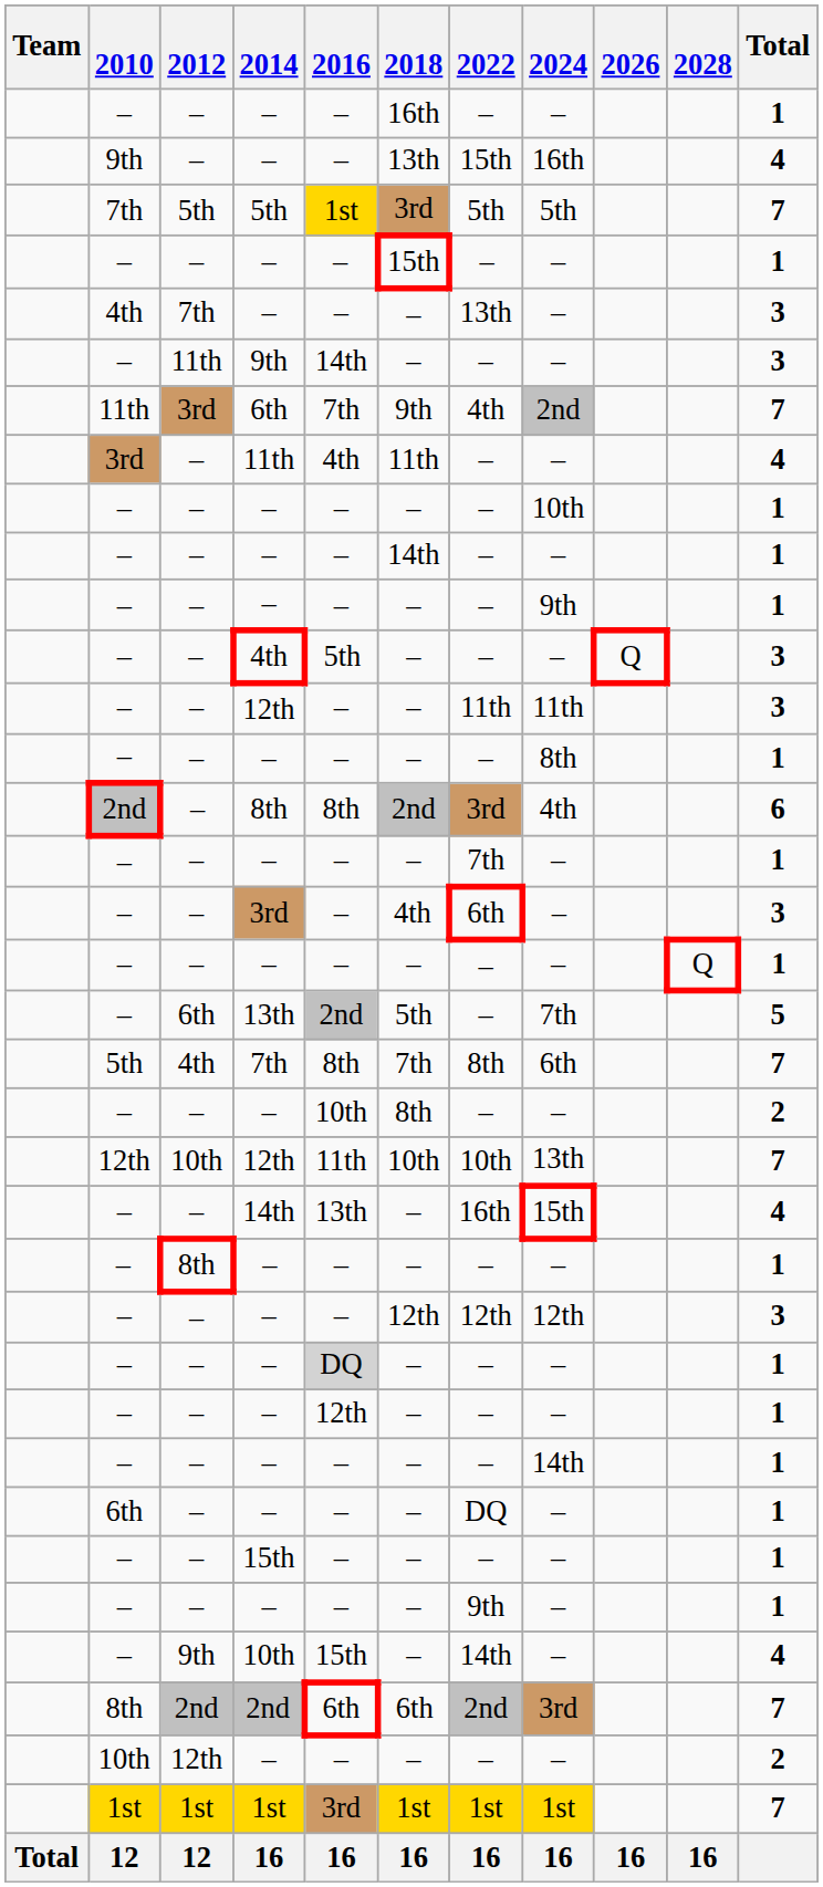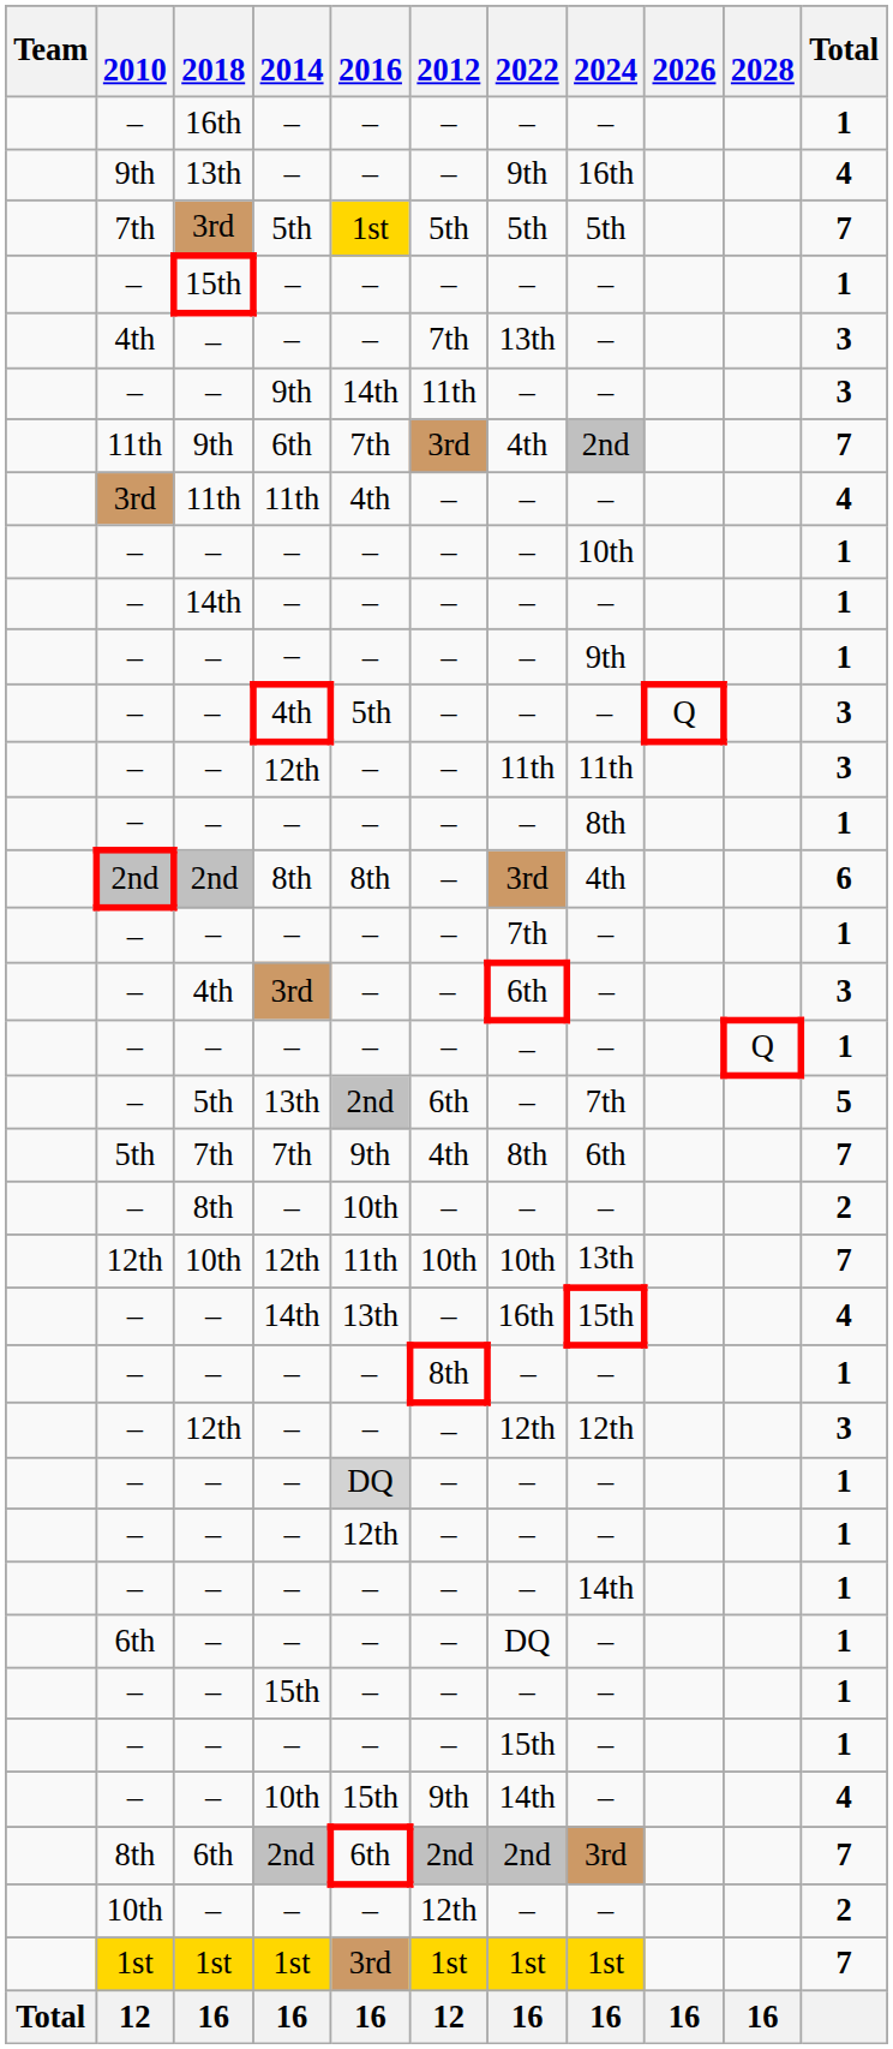 <table class="wikitable" style="text-align:center; font-size:90%">
 <tr>
 <th>Team</th>
 <th><br><a href='#'>2010</a></th>
-<th><br><a href='#'>2012</a></th>
+<th><br><a href='#'>2018</a></th>
 <th><br><a href='#'>2014</a></th>
 <th><br><a href='#'>2016</a></th>
-<th><br><a href='#'>2018</a></th>
+<th><br><a href='#'>2012</a></th>
 <th><br><a href='#'>2022</a></th>
 <th><br><a href='#'>2024</a></th>
 <th><br><a href='#'>2026</a></th>
 <th><br><a href='#'>2028</a></th>
 <th>Total</th>
 </tr>
 <tr>
 <td align=left></td>
 <td>–</td>
+<td>16th</td>
 <td>–</td>
 <td>–</td>
 <td>–</td>
-<td>16th</td>
 <td>–</td>
 <td>–</td>
 <td></td>
 <td></td>
 <td><strong>1</strong></td>
 </tr>
 <tr>
 <td align=left></td>
 <td>9th</td>
+<td>13th</td>
 <td>–</td>
 <td>–</td>
 <td>–</td>
-<td>13th</td>
-<td>15th</td>
+<td>9th</td>
 <td>16th</td>
 <td></td>
 <td></td>
 <td><strong>4</strong></td>
 </tr>
 <tr>
 <td align=left></td>
 <td>7th</td>
-<td>5th</td>
+<td bgcolor=#cc9966>3rd</td>
 <td>5th</td>
 <td bgcolor=gold>1st</td>
-<td bgcolor=#cc9966>3rd</td>
+<td>5th</td>
 <td>5th</td>
 <td>5th</td>
 <td></td>
 <td></td>
 <td><strong>7</strong></td>
 </tr>
 <tr>
 <td align=left></td>
 <td>–</td>
+<td style="border: 3px solid red">15th</td>
 <td>–</td>
 <td>–</td>
 <td>–</td>
-<td style="border: 3px solid red">15th</td>
 <td>–</td>
 <td>–</td>
 <td></td>
 <td></td>
 <td><strong>1</strong></td>
 </tr>
 <tr>
 <td align=left></td>
 <td>4th</td>
-<td>7th</td>
 <td>–</td>
 <td>–</td>
 <td>–</td>
+<td>7th</td>
 <td>13th</td>
 <td>–</td>
 <td></td>
 <td></td>
 <td><strong>3</strong></td>
 </tr>
 <tr>
 <td align=left></td>
 <td>–</td>
-<td>11th</td>
+<td>–</td>
 <td>9th</td>
 <td>14th</td>
-<td>–</td>
+<td>11th</td>
 <td>–</td>
 <td>–</td>
 <td></td>
 <td></td>
 <td><strong>3</strong></td>
 </tr>
 <tr>
 <td align=left></td>
 <td>11th</td>
-<td bgcolor=#cc9966>3rd</td>
+<td>9th</td>
 <td>6th</td>
 <td>7th</td>
-<td>9th</td>
+<td bgcolor=#cc9966>3rd</td>
 <td>4th</td>
 <td bgcolor=silver>2nd</td>
 <td></td>
 <td></td>
 <td><strong>7</strong></td>
 </tr>
 <tr>
 <td align=left></td>
 <td bgcolor=#cc9966>3rd</td>
-<td>–</td>
+<td>11th</td>
 <td>11th</td>
 <td>4th</td>
-<td>11th</td>
+<td>–</td>
 <td>–</td>
 <td>–</td>
 <td></td>
 <td></td>
 <td><strong>4</strong></td>
 </tr>
 <tr>
 <td align=left></td>
 <td>–</td>
 <td>–</td>
 <td>–</td>
 <td>–</td>
 <td>–</td>
 <td>–</td>
 <td>10th</td>
 <td></td>
 <td></td>
 <td><strong>1</strong></td>
 </tr>
 <tr>
 <td align=left></td>
 <td>–</td>
+<td>14th</td>
 <td>–</td>
 <td>–</td>
 <td>–</td>
-<td>14th</td>
 <td>–</td>
 <td>–</td>
 <td></td>
 <td></td>
 <td><strong>1</strong></td>
 </tr>
 <tr>
 <td align=left></td>
 <td>–</td>
 <td>–</td>
 <td>–</td>
 <td>–</td>
 <td>–</td>
 <td>–</td>
 <td>9th</td>
 <td></td>
 <td></td>
 <td><strong>1</strong></td>
 </tr>
 <tr>
 <td align=left></td>
 <td>–</td>
 <td>–</td>
 <td style="border: 3px solid red">4th</td>
 <td>5th</td>
 <td>–</td>
 <td>–</td>
 <td>–</td>
 <td style="border: 3px solid red">Q</td>
 <td></td>
 <td><strong>3</strong></td>
 </tr>
 <tr>
 <td align=left></td>
 <td>–</td>
 <td>–</td>
 <td>12th</td>
 <td>–</td>
 <td>–</td>
 <td>11th</td>
 <td>11th</td>
 <td></td>
 <td></td>
 <td><strong>3</strong></td>
 </tr>
 <tr>
 <td align=left></td>
 <td>–</td>
 <td>–</td>
 <td>–</td>
 <td>–</td>
 <td>–</td>
 <td>–</td>
 <td>8th</td>
 <td></td>
 <td></td>
 <td><strong>1</strong></td>
 </tr>
 <tr>
 <td align=left></td>
 <td style="border: 3px solid red" bgcolor=silver>2nd</td>
-<td>–</td>
+<td bgcolor=silver>2nd</td>
 <td>8th</td>
 <td>8th</td>
-<td bgcolor=silver>2nd</td>
+<td>–</td>
 <td bgcolor=#cc9966>3rd</td>
 <td>4th</td>
 <td></td>
 <td></td>
 <td><strong>6</strong></td>
 </tr>
 <tr>
 <td align=left></td>
 <td>–</td>
 <td>–</td>
 <td>–</td>
 <td>–</td>
 <td>–</td>
 <td>7th</td>
 <td>–</td>
 <td></td>
 <td></td>
 <td><strong>1</strong></td>
 </tr>
 <tr>
 <td align=left></td>
 <td>–</td>
-<td>–</td>
+<td>4th</td>
 <td bgcolor=#cc9966>3rd</td>
 <td>–</td>
-<td>4th</td>
+<td>–</td>
 <td style="border: 3px solid red">6th</td>
 <td>–</td>
 <td></td>
 <td></td>
 <td><strong>3</strong></td>
 </tr>
 <tr>
 <td align=left></td>
 <td>–</td>
 <td>–</td>
 <td>–</td>
 <td>–</td>
 <td>–</td>
 <td>–</td>
 <td>–</td>
 <td></td>
 <td style="border: 3px solid red">Q</td>
 <td><strong>1</strong></td>
 </tr>
 <tr>
 <td align=left></td>
 <td>–</td>
-<td>6th</td>
+<td>5th</td>
 <td>13th</td>
 <td bgcolor=silver>2nd</td>
-<td>5th</td>
+<td>6th</td>
 <td>–</td>
 <td>7th</td>
 <td></td>
 <td></td>
 <td><strong>5</strong></td>
 </tr>
 <tr>
 <td align=left></td>
 <td>5th</td>
+<td>7th</td>
+<td>7th</td>
+<td>9th</td>
 <td>4th</td>
-<td>7th</td>
-<td>8th</td>
-<td>7th</td>
 <td>8th</td>
 <td>6th</td>
 <td></td>
 <td></td>
 <td><strong>7</strong></td>
 </tr>
 <tr>
 <td align=left></td>
 <td>–</td>
-<td>–</td>
+<td>8th</td>
 <td>–</td>
 <td>10th</td>
-<td>8th</td>
+<td>–</td>
 <td>–</td>
 <td>–</td>
 <td></td>
 <td></td>
 <td><strong>2</strong></td>
 </tr>
 <tr>
 <td align=left></td>
 <td>12th</td>
 <td>10th</td>
 <td>12th</td>
 <td>11th</td>
 <td>10th</td>
 <td>10th</td>
 <td>13th</td>
 <td></td>
 <td></td>
 <td><strong>7</strong></td>
 </tr>
 <tr>
 <td align=left></td>
 <td>–</td>
 <td>–</td>
 <td>14th</td>
 <td>13th</td>
 <td>–</td>
 <td>16th</td>
 <td style="border: 3px solid red">15th</td>
 <td></td>
 <td></td>
 <td><strong>4</strong></td>
 </tr>
 <tr>
 <td align=left></td>
 <td>–</td>
-<td style="border: 3px solid red">8th</td>
 <td>–</td>
 <td>–</td>
 <td>–</td>
+<td style="border: 3px solid red">8th</td>
 <td>–</td>
 <td>–</td>
 <td></td>
 <td></td>
 <td><strong>1</strong></td>
 </tr>
 <tr>
 <td align=left></td>
 <td>–</td>
+<td>12th</td>
 <td>–</td>
 <td>–</td>
 <td>–</td>
-<td>12th</td>
 <td>12th</td>
 <td>12th</td>
 <td></td>
 <td></td>
 <td><strong>3</strong></td>
 </tr>
 <tr>
 <td align=left></td>
 <td>–</td>
 <td>–</td>
 <td>–</td>
 <td style="background: lightgrey;">DQ</td>
 <td>–</td>
 <td>–</td>
 <td>–</td>
 <td></td>
 <td></td>
 <td><strong>1</strong></td>
 </tr>
 <tr>
 <td align=left></td>
 <td>–</td>
 <td>–</td>
 <td>–</td>
 <td>12th</td>
 <td>–</td>
 <td>–</td>
 <td>–</td>
 <td></td>
 <td></td>
 <td><strong>1</strong></td>
 </tr>
 <tr>
 <td align=left></td>
 <td>–</td>
 <td>–</td>
 <td>–</td>
 <td>–</td>
 <td>–</td>
 <td>–</td>
 <td>14th</td>
 <td></td>
 <td></td>
 <td><strong>1</strong></td>
 </tr>
 <tr>
 <td align=left></td>
 <td>6th</td>
 <td>–</td>
 <td>–</td>
 <td>–</td>
 <td>–</td>
 <td>DQ</td>
 <td>–</td>
 <td></td>
 <td></td>
 <td><strong>1</strong></td>
 </tr>
 <tr>
 <td align=left></td>
 <td>–</td>
 <td>–</td>
 <td>15th</td>
 <td>–</td>
 <td>–</td>
 <td>–</td>
 <td>–</td>
 <td></td>
 <td></td>
 <td><strong>1</strong></td>
 </tr>
 <tr>
 <td align=left></td>
 <td>–</td>
 <td>–</td>
 <td>–</td>
 <td>–</td>
 <td>–</td>
-<td>9th</td>
+<td>15th</td>
 <td>–</td>
 <td></td>
 <td></td>
 <td><strong>1</strong></td>
 </tr>
 <tr>
 <td align=left></td>
 <td>–</td>
-<td>9th</td>
+<td>–</td>
 <td>10th</td>
 <td>15th</td>
-<td>–</td>
+<td>9th</td>
 <td>14th</td>
 <td>–</td>
 <td></td>
 <td></td>
 <td><strong>4</strong></td>
 </tr>
 <tr>
 <td align=left></td>
 <td>8th</td>
-<td bgcolor=silver>2nd</td>
+<td>6th</td>
 <td bgcolor=silver>2nd</td>
 <td style="border: 3px solid red">6th</td>
-<td>6th</td>
+<td bgcolor=silver>2nd</td>
 <td bgcolor=silver>2nd</td>
 <td bgcolor=#cc9966>3rd</td>
 <td></td>
 <td></td>
 <td><strong>7</strong></td>
 </tr>
 <tr>
 <td align=left></td>
 <td>10th</td>
-<td>12th</td>
 <td>–</td>
 <td>–</td>
 <td>–</td>
+<td>12th</td>
 <td>–</td>
 <td>–</td>
 <td></td>
 <td></td>
 <td><strong>2</strong></td>
 </tr>
 <tr>
 <td align=left></td>
 <td bgcolor=gold>1st</td>
 <td bgcolor=gold>1st</td>
 <td bgcolor=gold>1st</td>
 <td bgcolor=#cc9966>3rd</td>
 <td bgcolor=gold>1st</td>
 <td bgcolor=gold>1st</td>
 <td bgcolor=gold>1st</td>
 <td></td>
 <td></td>
 <td><strong>7</strong></td>
 </tr>
 <tr>
 <th>Total</th>
 <th>12</th>
-<th>12</th>
 <th>16</th>
 <th>16</th>
 <th>16</th>
+<th>12</th>
 <th>16</th>
 <th>16</th>
 <th>16</th>
 <th>16</th>
 <th></th>
 </tr>
 </table>
